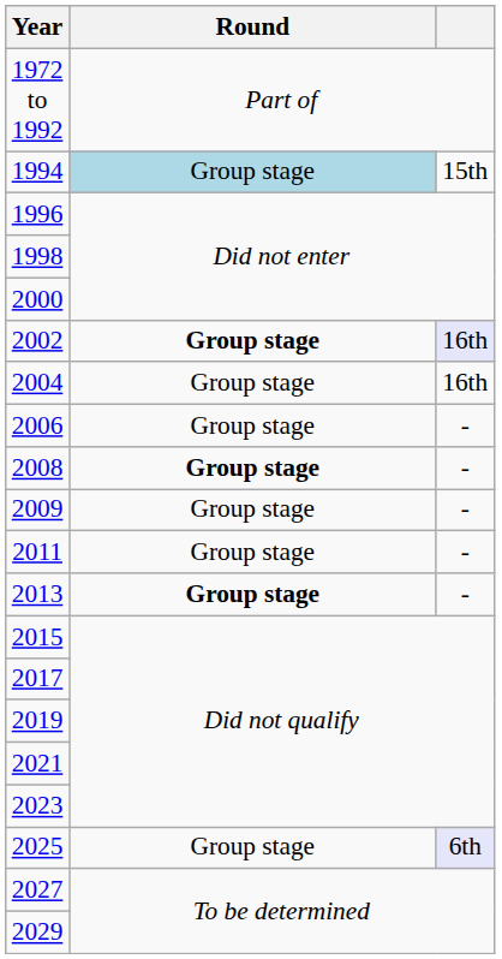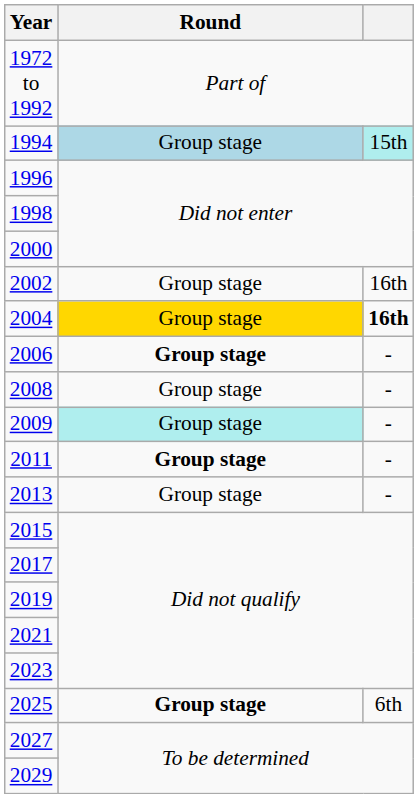 <table class="wikitable" style="text-align: center; font-size:90%">
 <tr>
 <th>Year</th>
 <th style="width:200px">Round</th>
 <th></th>
 </tr>
 <tr>
 <td><a href='#'>1972</a><br>to<br><a href='#'>1992</a></td>
 <td colspan="2"><em>Part of </em></td>
 </tr>
 <tr>
 <td><a href='#'>1994</a></td>
 <td style="background: lightblue;">Group stage</td>
-<td>15th</td>
+<td style="background: paleturquoise;">15th</td>
 </tr>
 <tr>
 <td><a href='#'>1996</a></td>
 <td colspan="2" rowspan="3"><em>Did not enter</em></td>
 </tr>
 <tr>
 <td><a href='#'>1998</a></td>
 </tr>
 <tr>
 <td><a href='#'>2000</a></td>
 </tr>
 <tr>
 <td><a href='#'>2002</a></td>
-<td><strong>Group stage</strong></td>
-<td style="background: lavender;">16th</td>
-</tr>
-<tr>
-<td><a href='#'>2004</a></td>
 <td>Group stage</td>
 <td>16th</td>
 </tr>
 <tr>
+<td><a href='#'>2004</a></td>
+<td style="background: gold;">Group stage</td>
+<td><strong>16th</strong></td>
+</tr>
+<tr>
 <td><a href='#'>2006</a></td>
+<td><strong>Group stage</strong></td>
+<td>-</td>
+</tr>
+<tr>
+<td><a href='#'>2008</a></td>
 <td>Group stage</td>
 <td>-</td>
 </tr>
 <tr>
-<td><a href='#'>2008</a></td>
+<td><a href='#'>2009</a></td>
+<td style="background: paleturquoise;">Group stage</td>
+<td>-</td>
+</tr>
+<tr>
+<td><a href='#'>2011</a></td>
 <td><strong>Group stage</strong></td>
 <td>-</td>
 </tr>
 <tr>
-<td><a href='#'>2009</a></td>
+<td><a href='#'>2013</a></td>
 <td>Group stage</td>
-<td>-</td>
-</tr>
-<tr>
-<td><a href='#'>2011</a></td>
-<td>Group stage</td>
-<td>-</td>
-</tr>
-<tr>
-<td><a href='#'>2013</a></td>
-<td><strong>Group stage</strong></td>
 <td>-</td>
 </tr>
 <tr>
 <td><a href='#'>2015</a></td>
 <td colspan="2" rowspan="5"><em>Did not qualify</em></td>
 </tr>
 <tr>
 <td><a href='#'>2017</a></td>
 </tr>
 <tr>
 <td><a href='#'>2019</a></td>
 </tr>
 <tr>
 <td><a href='#'>2021</a></td>
 </tr>
 <tr>
 <td><a href='#'>2023</a></td>
 </tr>
 <tr>
 <td><a href='#'>2025</a></td>
-<td>Group stage</td>
-<td style="background: lavender;">6th</td>
+<td><strong>Group stage</strong></td>
+<td>6th</td>
 </tr>
 <tr>
 <td><a href='#'>2027</a></td>
 <td colspan="2" rowspan="2"><em>To be determined</em></td>
 </tr>
 <tr>
 <td><a href='#'>2029</a></td>
 </tr>
 </table>
